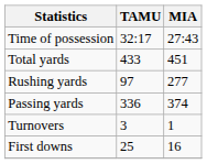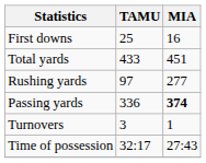 <table class="wikitable" style="float: left;">
 <tr>
 <th>Statistics</th>
 <th>TAMU</th>
 <th>MIA</th>
 </tr>
 <tr>
-<td>Time of possession</td>
-<td>32:17</td>
-<td>27:43</td>
+<td>First downs</td>
+<td>25</td>
+<td>16</td>
 </tr>
 <tr>
 <td>Total yards</td>
 <td>433</td>
 <td>451</td>
 </tr>
 <tr>
 <td>Rushing yards</td>
 <td>97</td>
 <td>277</td>
 </tr>
 <tr>
 <td>Passing yards</td>
 <td>336</td>
-<td>374</td>
+<td><strong>374</strong></td>
 </tr>
 <tr>
 <td>Turnovers</td>
 <td>3</td>
 <td>1</td>
 </tr>
 <tr>
-<td>First downs</td>
-<td>25</td>
-<td>16</td>
+<td>Time of possession</td>
+<td>32:17</td>
+<td>27:43</td>
 </tr>
 <tr>
 </tr>
 </table>
